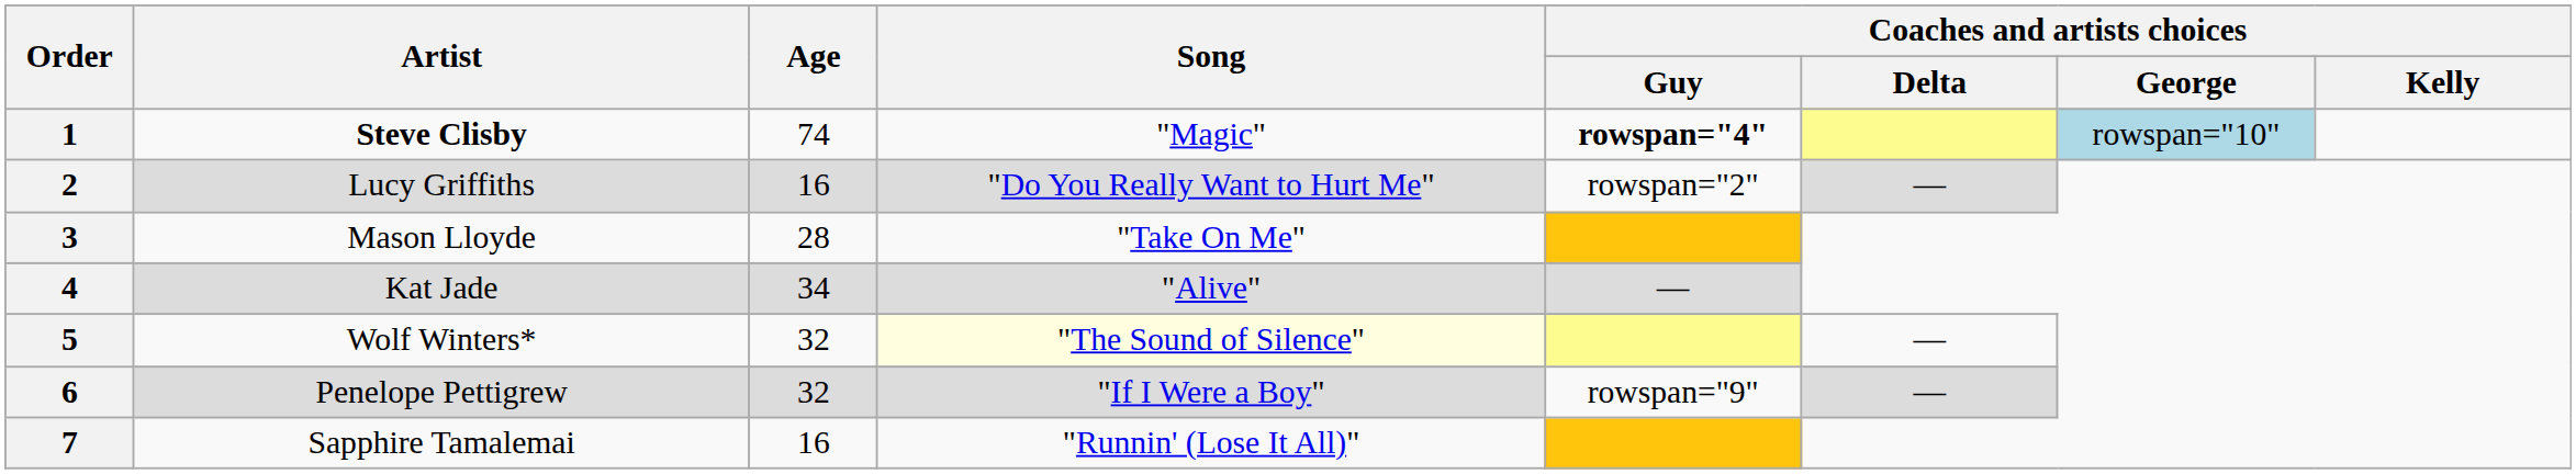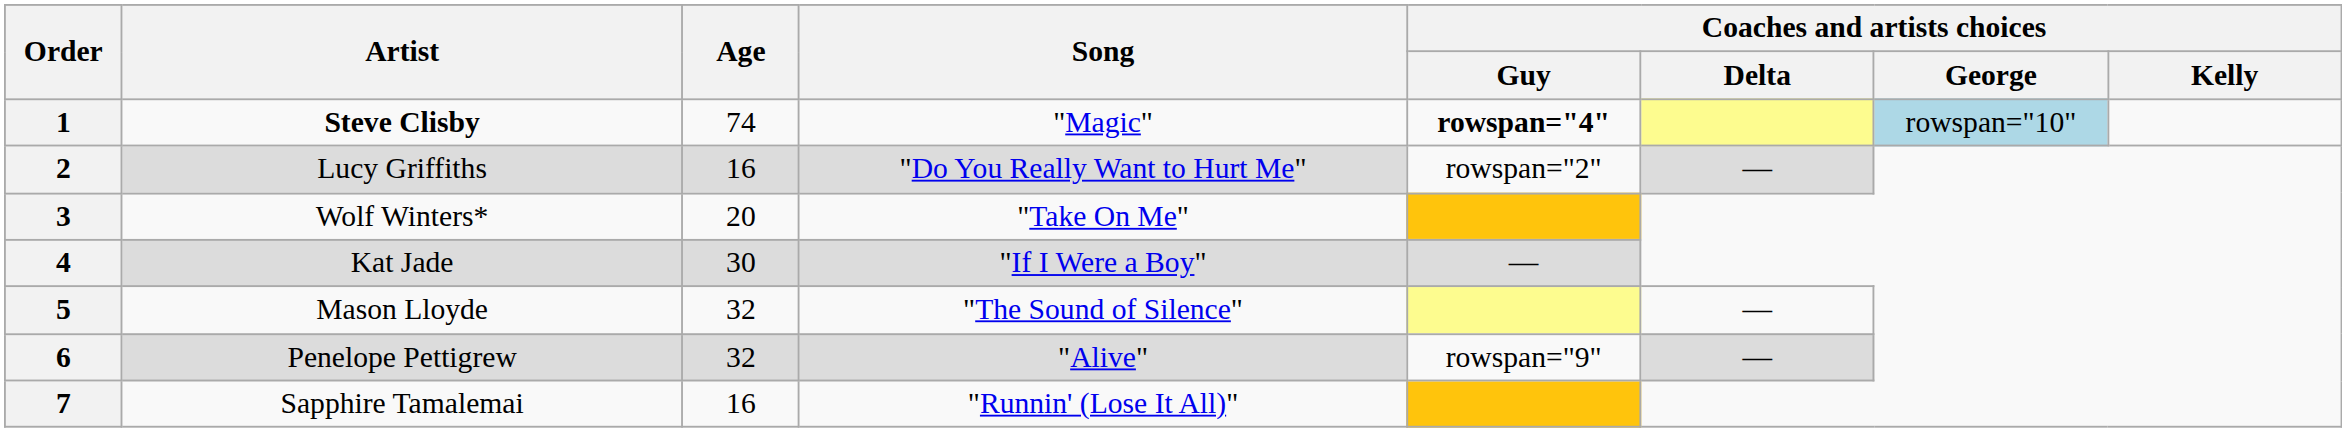 <table class="wikitable" style="text-align:center; width:100%;">
 <tr>
 <th scope="col" rowspan="2" style="width:05%;">Order</th>
 <th scope="col" rowspan="2" style="width:24%;">Artist</th>
 <th scope="col" rowspan="2" style="width:05%;">Age</th>
 <th scope="col" rowspan="2" style="width:26%;">Song</th>
 <th colspan="4" style="width:40%;">Coaches and artists choices</th>
 </tr>
 <tr>
 <th style="width:10%;">Guy</th>
 <th style="width:10%;">Delta</th>
 <th style="width:10%;">George</th>
 <th style="width:10%;">Kelly</th>
 </tr>
 <tr>
 <th>1</th>
 <td><strong>Steve Clisby </strong></td>
 <td>74</td>
 <td>"<a href='#'>Magic</a>"</td>
 <td><strong>rowspan="4" </strong></td>
 <td style="background-color:#FDFC8F;"> <strong></strong> </td>
 <td style="background: lightblue;">rowspan="10" </td>
 <td> <strong></strong> </td>
 </tr>
 <tr>
 <th>2</th>
 <td style="background-color:#DCDCDC;">Lucy Griffiths</td>
 <td style="background-color:#DCDCDC;">16</td>
 <td style="background-color:#DCDCDC;">"<a href='#'>Do You Really Want to Hurt Me</a>"</td>
 <td>rowspan="2" </td>
 <td style="background-color:#DCDCDC;">—</td>
 </tr>
 <tr>
 <th>3</th>
-<td>Mason Lloyde</td>
-<td>28</td>
+<td>Wolf Winters*</td>
+<td>20</td>
 <td>"<a href='#'>Take On Me</a>"</td>
 <td style="background-color:#FFC40C;"> <strong></strong> </td>
 </tr>
 <tr>
 <th s tyle="background-color:#DCDCDC;">4</th>
 <td style="background-color:#DCDCDC;">Kat Jade </td>
-<td style="background-color:#DCDCDC;">34</td>
-<td style="background-color:#DCDCDC;">"<a href='#'>Alive</a>"</td>
+<td style="background-color:#DCDCDC;">30</td>
+<td style="background-color:#DCDCDC;">"<a href='#'>If I Were a Boy</a>"</td>
 <td style="background-color:#DCDCDC;">—</td>
 </tr>
 <tr>
 <th>5</th>
-<td>Wolf Winters*</td>
+<td>Mason Lloyde</td>
 <td>32</td>
-<td style="background: lightyellow;">"<a href='#'>The Sound of Silence</a>"</td>
+<td>"<a href='#'>The Sound of Silence</a>"</td>
 <td style="background-color:#FDFC8F;"><strong></strong></td>
 <td>—</td>
 </tr>
 <tr>
 <th>6</th>
 <td style="background-color:#DCDCDC;">Penelope Pettigrew</td>
 <td style="background-color:#DCDCDC;">32</td>
-<td style="background-color:#DCDCDC;">"<a href='#'>If I Were a Boy</a>"</td>
+<td style="background-color:#DCDCDC;">"<a href='#'>Alive</a>"</td>
 <td>rowspan="9" </td>
 <td style="background-color:#DCDCDC;">—</td>
 </tr>
 <tr>
 <th>7</th>
 <td>Sapphire Tamalemai</td>
 <td>16</td>
 <td>"<a href='#'>Runnin' (Lose It All)</a>"</td>
 <td style="background-color:#FFC40C;"> <strong></strong> </td>
 </tr>
 </table>
